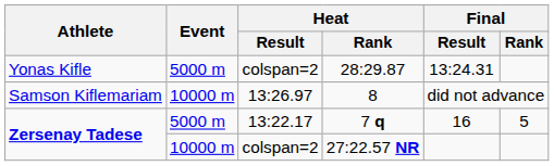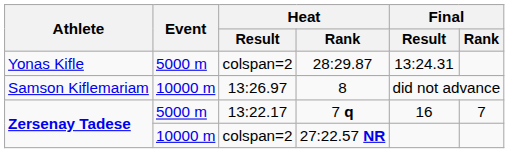 <table class=wikitable style="font-size:90%">
 <tr>
 <th rowspan="2">Athlete</th>
 <th rowspan="2">Event</th>
 <th colspan="2">Heat</th>
 <th colspan="2">Final</th>
 </tr>
 <tr style="font-size:95%">
 <th>Result</th>
 <th>Rank</th>
 <th>Result</th>
 <th>Rank</th>
 </tr>
 <tr align=center>
 <td align=left><a href='#'>Yonas Kifle</a></td>
 <td align=left><a href='#'>5000 m</a></td>
 <td>colspan=2 </td>
 <td>28:29.87</td>
 <td>13:24.31</td>
 </tr>
 <tr align=center>
 <td align=left><a href='#'>Samson Kiflemariam</a></td>
 <td align=left><a href='#'>10000 m</a></td>
 <td>13:26.97</td>
 <td>8</td>
 <td colspan=2>did not advance</td>
 </tr>
 <tr align=center>
 <td align=left rowspan=2><strong><a href='#'>Zersenay Tadese</a></strong></td>
 <td align=left><a href='#'>5000 m</a></td>
 <td>13:22.17</td>
 <td>7 <strong>q</strong></td>
 <td>16</td>
-<td>5</td>
+<td>7</td>
 </tr>
 <tr align=center>
 <td align=left><a href='#'>10000 m</a></td>
 <td>colspan=2 </td>
 <td>27:22.57 <strong><a href='#'>NR</a></strong></td>
 <td></td>
 </tr>
 </table>
